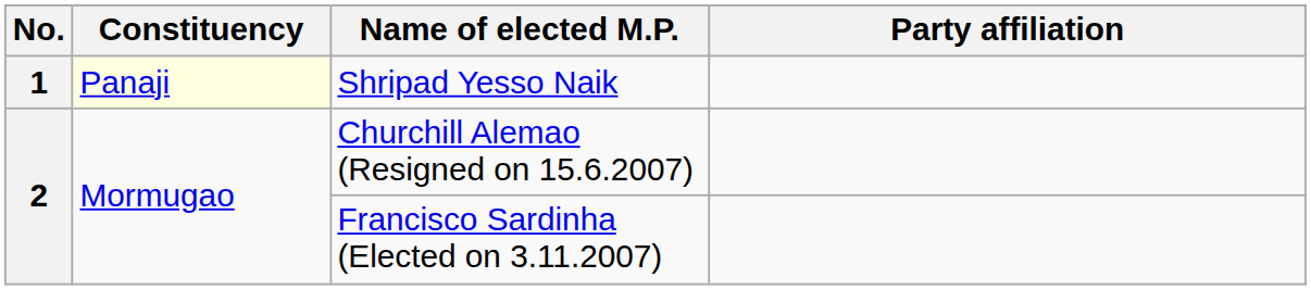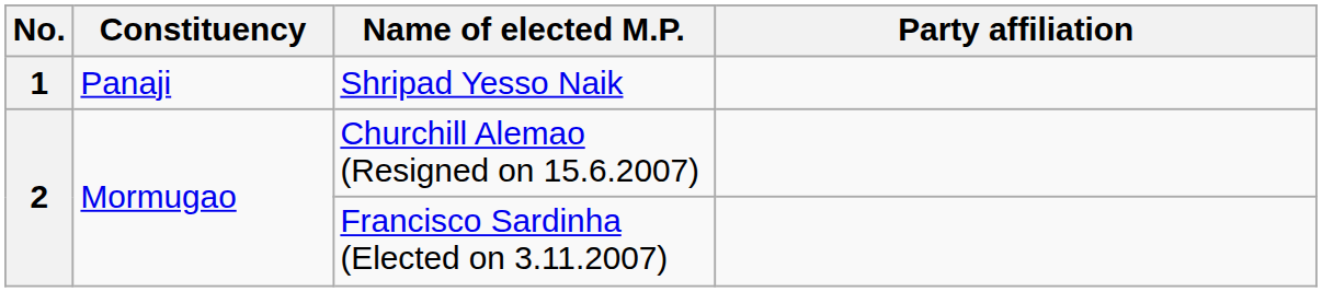 <table class="wikitable">
 <tr style="background:#ccc; text-align:center;">
 <th>No.</th>
 <th style="width:120px">Constituency</th>
 <th style="width:180px">Name of elected M.P.</th>
 <th colspan="2" style="width:18em">Party affiliation</th>
 </tr>
 <tr>
 <th>1</th>
-<td style="background: lightyellow;"><a href='#'>Panaji</a></td>
+<td><a href='#'>Panaji</a></td>
 <td><a href='#'>Shripad Yesso Naik</a></td>
 <td></td>
 </tr>
 <tr>
 <th rowspan="2">2</th>
 <td rowspan="2"><a href='#'>Mormugao</a></td>
 <td><a href='#'>Churchill Alemao</a><br>(Resigned on 15.6.2007)</td>
 <td></td>
 </tr>
 <tr>
 <td><a href='#'>Francisco Sardinha</a><br>(Elected on 3.11.2007)</td>
 </tr>
 </table>
